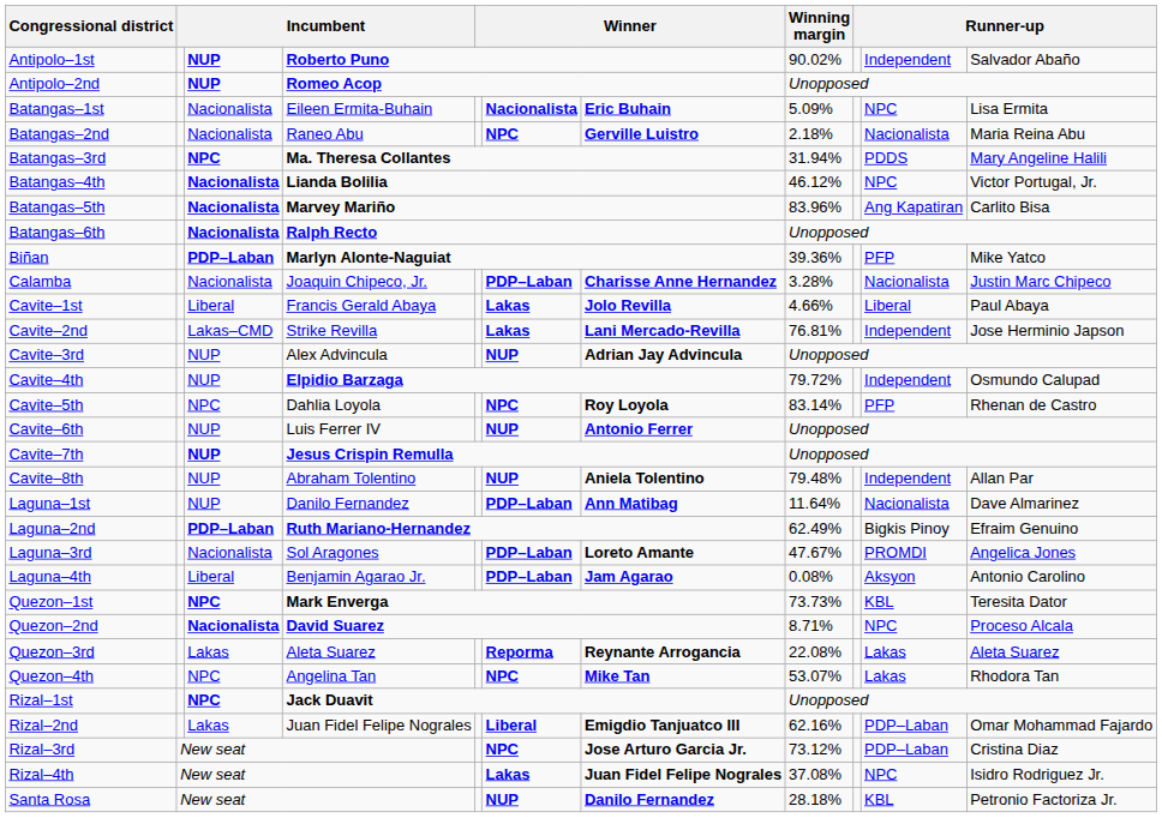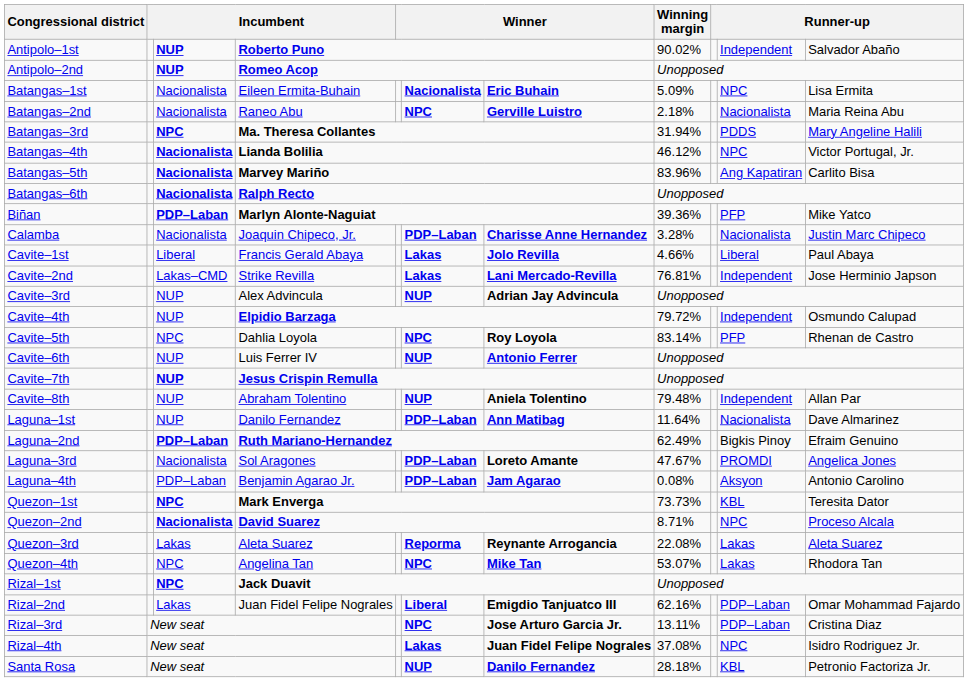 <table class="wikitable sortable mw-collapsible mw-collapsed">
 <tr>
 <th>Congressional district</th>
 <th colspan="3">Incumbent</th>
 <th colspan="3">Winner</th>
 <th>Winning<br>margin</th>
 <th colspan="3">Runner-up</th>
 </tr>
 <tr>
 <td><a href='#'>Antipolo–1st</a></td>
 <td></td>
 <td><a href='#'><strong>NUP</strong></a></td>
 <td colspan="4"><strong><a href='#'>Roberto Puno</a></strong></td>
 <td>90.02%</td>
 <td></td>
 <td><a href='#'>Independent</a></td>
 <td>Salvador Abaño</td>
 </tr>
 <tr>
 <td><a href='#'>Antipolo–2nd</a></td>
 <td></td>
 <td><a href='#'><strong>NUP</strong></a></td>
 <td colspan="4"><strong><a href='#'>Romeo Acop</a></strong></td>
 <td colspan="4"><em>Unopposed</em></td>
 </tr>
 <tr>
 <td><a href='#'>Batangas–1st</a></td>
 <td></td>
 <td><a href='#'>Nacionalista</a></td>
 <td><a href='#'>Eileen Ermita-Buhain</a></td>
 <td></td>
 <td><a href='#'><strong>Nacionalista</strong></a></td>
 <td><strong><a href='#'>Eric Buhain</a></strong></td>
 <td>5.09%</td>
 <td></td>
 <td><a href='#'>NPC</a></td>
 <td>Lisa Ermita</td>
 </tr>
 <tr>
 <td><a href='#'>Batangas–2nd</a></td>
 <td></td>
 <td><a href='#'>Nacionalista</a></td>
 <td><a href='#'>Raneo Abu</a></td>
 <td></td>
 <td><strong><a href='#'>NPC</a></strong></td>
 <td><strong><a href='#'>Gerville Luistro</a></strong></td>
 <td>2.18%</td>
 <td></td>
 <td><a href='#'>Nacionalista</a></td>
 <td>Maria Reina Abu</td>
 </tr>
 <tr>
 <td><a href='#'>Batangas–3rd</a></td>
 <td></td>
 <td><a href='#'><strong>NPC</strong></a></td>
 <td colspan="4"><strong>Ma. Theresa Collantes</strong></td>
 <td>31.94%</td>
 <td></td>
 <td><a href='#'>PDDS</a></td>
 <td><a href='#'>Mary Angeline Halili</a></td>
 </tr>
 <tr>
 <td><a href='#'>Batangas–4th</a></td>
 <td></td>
 <td><strong><a href='#'>Nacionalista</a></strong></td>
 <td colspan="4"><strong>Lianda Bolilia</strong></td>
 <td>46.12%</td>
 <td></td>
 <td><a href='#'>NPC</a></td>
 <td>Victor Portugal, Jr.</td>
 </tr>
 <tr>
 <td><a href='#'>Batangas–5th</a></td>
 <td></td>
 <td><strong><a href='#'>Nacionalista</a></strong></td>
 <td colspan="4"><strong>Marvey Mariño</strong></td>
 <td>83.96%</td>
 <td></td>
 <td><a href='#'>Ang Kapatiran</a></td>
 <td>Carlito Bisa</td>
 </tr>
 <tr>
 <td><a href='#'>Batangas–6th</a></td>
 <td></td>
 <td><a href='#'><strong>Nacionalista</strong></a></td>
 <td colspan="4"><strong><a href='#'>Ralph Recto</a></strong></td>
 <td colspan="4"><em>Unopposed</em></td>
 </tr>
 <tr>
 <td><a href='#'>Biñan</a></td>
 <td></td>
 <td><strong><a href='#'>PDP–Laban</a></strong></td>
 <td colspan="4"><strong>Marlyn Alonte-Naguiat</strong></td>
 <td>39.36%</td>
 <td></td>
 <td><a href='#'>PFP</a></td>
 <td>Mike Yatco</td>
 </tr>
 <tr>
 <td><a href='#'>Calamba</a></td>
 <td></td>
 <td><a href='#'>Nacionalista</a></td>
 <td><a href='#'>Joaquin Chipeco, Jr.</a></td>
 <td></td>
 <td><strong><a href='#'>PDP–Laban</a></strong></td>
 <td><strong><a href='#'>Charisse Anne Hernandez</a></strong></td>
 <td>3.28%</td>
 <td></td>
 <td><a href='#'>Nacionalista</a></td>
 <td><a href='#'>Justin Marc Chipeco</a></td>
 </tr>
 <tr>
 <td><a href='#'>Cavite–1st</a></td>
 <td></td>
 <td><a href='#'>Liberal</a></td>
 <td><a href='#'>Francis Gerald Abaya</a></td>
 <td></td>
 <td><strong><a href='#'>Lakas</a></strong></td>
 <td><strong><a href='#'>Jolo Revilla</a></strong></td>
 <td>4.66%</td>
 <td></td>
 <td><a href='#'>Liberal</a></td>
 <td>Paul Abaya</td>
 </tr>
 <tr>
 <td><a href='#'>Cavite–2nd</a></td>
 <td></td>
 <td><a href='#'>Lakas–CMD</a></td>
 <td><a href='#'>Strike Revilla</a></td>
 <td></td>
 <td><strong><a href='#'>Lakas</a></strong></td>
 <td><strong><a href='#'>Lani Mercado-Revilla</a></strong></td>
 <td>76.81%</td>
 <td></td>
 <td><a href='#'>Independent</a></td>
 <td>Jose Herminio Japson</td>
 </tr>
 <tr>
 <td><a href='#'>Cavite–3rd</a></td>
 <td></td>
 <td><a href='#'>NUP</a></td>
 <td>Alex Advincula</td>
 <td></td>
 <td><strong><a href='#'>NUP</a></strong></td>
 <td><strong>Adrian Jay Advincula</strong></td>
 <td colspan="4"><em>Unopposed</em></td>
 </tr>
 <tr>
 <td><a href='#'>Cavite–4th</a></td>
 <td></td>
 <td><a href='#'>NUP</a></td>
 <td colspan="4"><strong><a href='#'>Elpidio Barzaga</a></strong></td>
 <td>79.72%</td>
 <td></td>
 <td><a href='#'>Independent</a></td>
 <td>Osmundo Calupad</td>
 </tr>
 <tr>
 <td><a href='#'>Cavite–5th</a></td>
 <td></td>
 <td><a href='#'>NPC</a></td>
 <td>Dahlia Loyola</td>
 <td></td>
 <td><strong><a href='#'>NPC</a></strong></td>
 <td><strong>Roy Loyola</strong></td>
 <td>83.14%</td>
 <td></td>
 <td><a href='#'>PFP</a></td>
 <td>Rhenan de Castro</td>
 </tr>
 <tr>
 <td><a href='#'>Cavite–6th</a></td>
 <td></td>
 <td><a href='#'>NUP</a></td>
 <td>Luis Ferrer IV</td>
 <td></td>
 <td><strong><a href='#'>NUP</a></strong></td>
 <td><strong><a href='#'>Antonio Ferrer</a></strong></td>
 <td colspan="4"><em>Unopposed</em></td>
 </tr>
 <tr>
 <td><a href='#'>Cavite–7th</a></td>
 <td></td>
 <td><strong><a href='#'>NUP</a></strong></td>
 <td colspan="4"><strong><a href='#'>Jesus Crispin Remulla</a></strong></td>
 <td colspan="4"><em>Unopposed</em></td>
 </tr>
 <tr>
 <td><a href='#'>Cavite–8th</a></td>
 <td></td>
 <td><a href='#'>NUP</a></td>
 <td><a href='#'>Abraham Tolentino</a></td>
 <td></td>
 <td><strong><a href='#'>NUP</a></strong></td>
 <td><strong>Aniela Tolentino</strong></td>
 <td>79.48%</td>
 <td></td>
 <td><a href='#'>Independent</a></td>
 <td>Allan Par</td>
 </tr>
 <tr>
 <td><a href='#'>Laguna–1st</a></td>
 <td></td>
 <td><a href='#'>NUP</a></td>
 <td><a href='#'>Danilo Fernandez</a></td>
 <td></td>
 <td><strong><a href='#'>PDP–Laban</a></strong></td>
 <td><strong><a href='#'>Ann Matibag</a></strong></td>
 <td>11.64%</td>
 <td></td>
 <td><a href='#'>Nacionalista</a></td>
 <td>Dave Almarinez</td>
 </tr>
 <tr>
 <td><a href='#'>Laguna–2nd</a></td>
 <td></td>
 <td><strong><a href='#'>PDP–Laban</a></strong></td>
 <td colspan="4"><strong><a href='#'>Ruth Mariano-Hernandez</a></strong></td>
 <td>62.49%</td>
 <td></td>
 <td>Bigkis Pinoy</td>
 <td>Efraim Genuino</td>
 </tr>
 <tr>
 <td><a href='#'>Laguna–3rd</a></td>
 <td></td>
 <td><a href='#'>Nacionalista</a></td>
 <td><a href='#'>Sol Aragones</a></td>
 <td></td>
 <td><strong><a href='#'>PDP–Laban</a></strong></td>
 <td><strong>Loreto Amante</strong></td>
 <td>47.67%</td>
 <td></td>
 <td><a href='#'>PROMDI</a></td>
 <td><a href='#'>Angelica Jones</a></td>
 </tr>
 <tr>
 <td><a href='#'>Laguna–4th</a></td>
 <td></td>
-<td><a href='#'>Liberal</a></td>
+<td><a href='#'>PDP–Laban</a></td>
 <td><a href='#'>Benjamin Agarao Jr.</a></td>
 <td></td>
 <td><strong><a href='#'>PDP–Laban</a></strong></td>
 <td><strong><a href='#'>Jam Agarao</a></strong></td>
 <td>0.08%</td>
 <td></td>
 <td><a href='#'>Aksyon</a></td>
 <td>Antonio Carolino</td>
 </tr>
 <tr>
 <td><a href='#'>Quezon–1st</a></td>
 <td></td>
 <td><strong><a href='#'>NPC</a></strong></td>
 <td colspan="4"><strong>Mark Enverga</strong></td>
 <td>73.73%</td>
 <td></td>
 <td><a href='#'>KBL</a></td>
 <td>Teresita Dator</td>
 </tr>
 <tr>
 <td><a href='#'>Quezon–2nd</a></td>
 <td></td>
 <td><strong><a href='#'>Nacionalista</a></strong></td>
 <td colspan="4"><strong><a href='#'>David Suarez</a></strong></td>
 <td>8.71%</td>
 <td></td>
 <td><a href='#'>NPC</a></td>
 <td><a href='#'>Proceso Alcala</a></td>
 </tr>
 <tr>
 <td><a href='#'>Quezon–3rd</a></td>
 <td></td>
 <td><a href='#'>Lakas</a></td>
 <td><a href='#'>Aleta Suarez</a></td>
 <td></td>
 <td><strong><a href='#'>Reporma</a></strong></td>
 <td><strong>Reynante Arrogancia</strong></td>
 <td>22.08%</td>
 <td></td>
 <td><a href='#'>Lakas</a></td>
 <td><a href='#'>Aleta Suarez</a></td>
 </tr>
 <tr>
 <td><a href='#'>Quezon–4th</a></td>
 <td></td>
 <td><a href='#'>NPC</a></td>
 <td><a href='#'>Angelina Tan</a></td>
 <td></td>
 <td><strong><a href='#'>NPC</a></strong></td>
 <td><strong><a href='#'>Mike Tan</a></strong></td>
 <td>53.07%</td>
 <td></td>
 <td><a href='#'>Lakas</a></td>
 <td>Rhodora Tan</td>
 </tr>
 <tr>
 <td><a href='#'>Rizal–1st</a></td>
 <td></td>
 <td><strong><a href='#'>NPC</a></strong></td>
 <td colspan="4"><strong>Jack Duavit</strong></td>
 <td colspan="4"><em>Unopposed</em></td>
 </tr>
 <tr>
 <td><a href='#'>Rizal–2nd</a></td>
 <td></td>
 <td><a href='#'>Lakas</a></td>
 <td>Juan Fidel Felipe Nograles</td>
 <td></td>
 <td><strong><a href='#'>Liberal</a></strong></td>
 <td><strong>Emigdio Tanjuatco III</strong></td>
 <td>62.16%</td>
 <td></td>
 <td><a href='#'>PDP–Laban</a></td>
 <td>Omar Mohammad Fajardo</td>
 </tr>
 <tr>
 <td><a href='#'>Rizal–3rd</a></td>
 <td colspan="3"><em>New seat</em></td>
 <td></td>
 <td><strong><a href='#'>NPC</a></strong></td>
 <td><strong>Jose Arturo Garcia Jr.</strong></td>
-<td>73.12%</td>
+<td>13.11%</td>
 <td></td>
 <td><a href='#'>PDP–Laban</a></td>
 <td>Cristina Diaz</td>
 </tr>
 <tr>
 <td><a href='#'>Rizal–4th</a></td>
 <td colspan="3"><em>New seat</em></td>
 <td></td>
 <td><strong><a href='#'>Lakas</a></strong></td>
 <td><strong>Juan Fidel Felipe Nograles</strong></td>
 <td>37.08%</td>
 <td></td>
 <td><a href='#'>NPC</a></td>
 <td>Isidro Rodriguez Jr.</td>
 </tr>
 <tr>
 <td><a href='#'>Santa Rosa</a></td>
 <td colspan="3"><em>New seat</em></td>
 <td></td>
 <td><strong><a href='#'>NUP</a></strong></td>
 <td><strong><a href='#'>Danilo Fernandez</a></strong></td>
 <td>28.18%</td>
 <td></td>
 <td><a href='#'>KBL</a></td>
 <td>Petronio Factoriza Jr.</td>
 </tr>
 </table>
